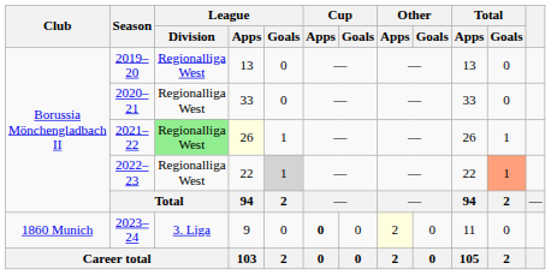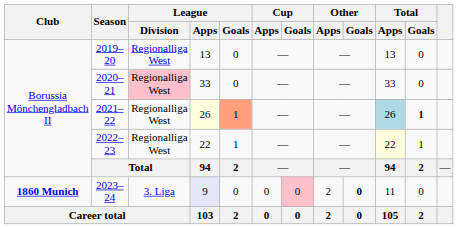 <table class="wikitable" Style="text-align: center">
 <tr>
 <th rowspan="2">Club</th>
 <th rowspan="2">Season</th>
 <th colspan="3">League</th>
 <th colspan="2">Cup</th>
 <th colspan="2">Other</th>
 <th colspan="2">Total</th>
 <th rowspan="2"></th>
 </tr>
 <tr>
 <th>Division</th>
 <th>Apps</th>
 <th>Goals</th>
 <th>Apps</th>
 <th>Goals</th>
 <th>Apps</th>
 <th>Goals</th>
 <th>Apps</th>
 <th>Goals</th>
 </tr>
 <tr>
 <td rowspan="5"><a href='#'>Borussia Mönchengladbach II</a></td>
 <td><a href='#'>2019–20</a></td>
 <td><a href='#'>Regionalliga West</a></td>
 <td>13</td>
 <td>0</td>
 <td colspan="2">—</td>
 <td colspan="2">—</td>
 <td>13</td>
 <td>0</td>
 <td></td>
 </tr>
 <tr>
 <td><a href='#'>2020–21</a></td>
-<td>Regionalliga West</td>
+<td style="background: pink;">Regionalliga West</td>
 <td>33</td>
 <td>0</td>
 <td colspan="2">—</td>
 <td colspan="2">—</td>
 <td>33</td>
 <td>0</td>
 <td></td>
 </tr>
 <tr>
 <td><a href='#'>2021–22</a></td>
-<td style="background: lightgreen;">Regionalliga West</td>
+<td>Regionalliga West</td>
 <td style="background: lightyellow;">26</td>
-<td>1</td>
+<td style="background: lightsalmon;">1</td>
 <td colspan="2">—</td>
 <td colspan="2">—</td>
-<td>26</td>
-<td>1</td>
+<td style="background: lightblue;">26</td>
+<td><strong>1</strong></td>
 <td></td>
 </tr>
 <tr>
 <td><a href='#'>2022–23</a></td>
 <td>Regionalliga West</td>
 <td>22</td>
-<td style="background: lightgrey;">1</td>
+<td>1</td>
 <td colspan="2">—</td>
 <td colspan="2">—</td>
-<td>22</td>
-<td style="background: lightsalmon;">1</td>
+<td style="background: lightyellow;">22</td>
+<td>1</td>
 <td></td>
 </tr>
 <tr>
 <th colspan="2">Total</th>
 <th>94</th>
 <th>2</th>
 <th colspan="2">—</th>
 <th colspan="2">—</th>
 <th>94</th>
 <th>2</th>
 <th>—</th>
 </tr>
 <tr>
-<td><a href='#'>1860 Munich</a></td>
+<td><strong><a href='#'>1860 Munich</a></strong></td>
 <td><a href='#'>2023–24</a></td>
 <td><a href='#'>3. Liga</a></td>
-<td>9</td>
+<td style="background: lavender;">9</td>
 <td>0</td>
+<td>0</td>
+<td style="background: pink;">0</td>
+<td>2</td>
 <td><strong>0</strong></td>
-<td>0</td>
-<td style="background: lightyellow;">2</td>
-<td>0</td>
 <td>11</td>
 <td>0</td>
 <td></td>
 </tr>
 <tr>
 <th colspan="3">Career total</th>
 <th>103</th>
 <th>2</th>
 <th>0</th>
 <th>0</th>
 <th>2</th>
 <th>0</th>
 <th>105</th>
 <th>2</th>
 <th></th>
 </tr>
 </table>
